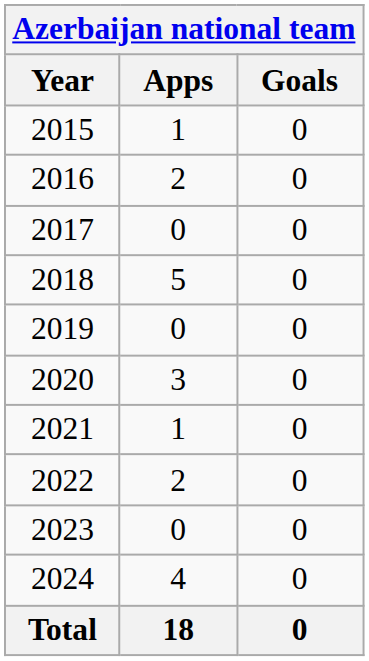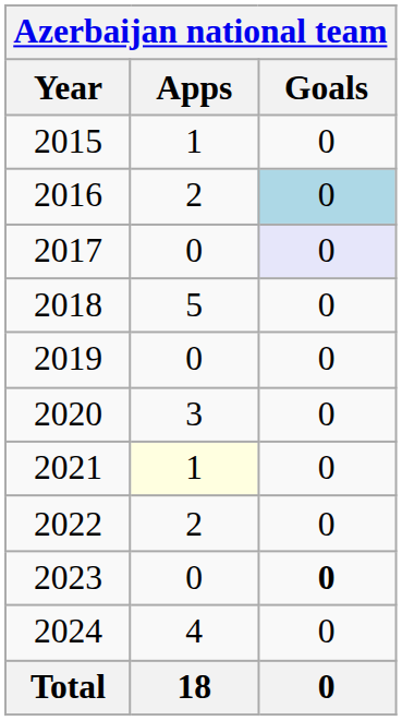 <table class="wikitable" style="text-align:center">
 <tr>
 <th colspan=3><a href='#'>Azerbaijan national team</a></th>
 </tr>
 <tr>
 <th>Year</th>
 <th>Apps</th>
 <th>Goals</th>
 </tr>
 <tr>
 <td>2015</td>
 <td>1</td>
 <td>0</td>
 </tr>
 <tr>
 <td>2016</td>
 <td>2</td>
-<td>0</td>
+<td style="background: lightblue;">0</td>
 </tr>
 <tr>
 <td>2017</td>
 <td>0</td>
-<td>0</td>
+<td style="background: lavender;">0</td>
 </tr>
 <tr>
 <td>2018</td>
 <td>5</td>
 <td>0</td>
 </tr>
 <tr>
 <td>2019</td>
 <td>0</td>
 <td>0</td>
 </tr>
 <tr>
 <td>2020</td>
 <td>3</td>
 <td>0</td>
 </tr>
 <tr>
 <td>2021</td>
-<td>1</td>
+<td style="background: lightyellow;">1</td>
 <td>0</td>
 </tr>
 <tr>
 <td>2022</td>
 <td>2</td>
 <td>0</td>
 </tr>
 <tr>
 <td>2023</td>
 <td>0</td>
-<td>0</td>
+<td><strong>0</strong></td>
 </tr>
 <tr>
 <td>2024</td>
 <td>4</td>
 <td>0</td>
 </tr>
 <tr>
 <th>Total</th>
 <th>18</th>
 <th>0</th>
 </tr>
 </table>
